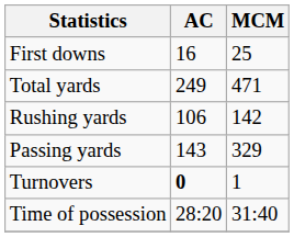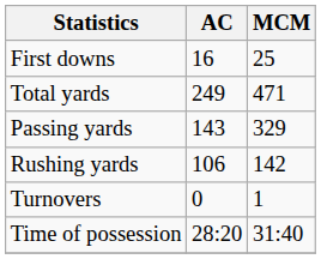 <table class="wikitable">
 <tr>
 <th>Statistics</th>
 <th>AC</th>
 <th>MCM</th>
 </tr>
 <tr>
 <td>First downs</td>
 <td>16</td>
 <td>25</td>
 </tr>
 <tr>
 <td>Total yards</td>
 <td>249</td>
 <td>471</td>
 </tr>
 <tr>
+<td>Passing yards</td>
+<td>143</td>
+<td>329</td>
+</tr>
+<tr>
 <td>Rushing yards</td>
 <td>106</td>
 <td>142</td>
 </tr>
 <tr>
-<td>Passing yards</td>
-<td>143</td>
-<td>329</td>
-</tr>
-<tr>
 <td>Turnovers</td>
-<td><strong>0</strong></td>
+<td>0</td>
 <td>1</td>
 </tr>
 <tr>
 <td>Time of possession</td>
 <td>28:20</td>
 <td>31:40</td>
 </tr>
 <tr>
 </tr>
 </table>
